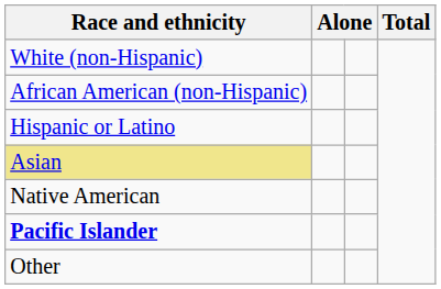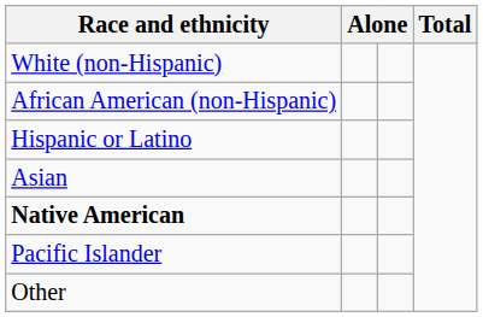 <table class="wikitable sortable collapsible"; text-align:right; font-size:80%;">
 <tr>
 <th>Race and ethnicity</th>
 <th colspan="2" data-sort-type=number>Alone</th>
 <th colspan="2" data-sort-type=number>Total</th>
 </tr>
 <tr>
 <td><a href='#'>White (non-Hispanic)</a></td>
 <td align=right></td>
 <td align=right></td>
 </tr>
 <tr>
 <td><a href='#'>African American (non-Hispanic)</a></td>
 <td align=right></td>
 <td align=right></td>
 </tr>
 <tr>
 <td><a href='#'>Hispanic or Latino</a></td>
 <td align=right></td>
 <td align=right></td>
 </tr>
 <tr>
-<td style="background: khaki;"><a href='#'>Asian</a></td>
+<td><a href='#'>Asian</a></td>
 <td align=right></td>
 <td align=right></td>
 </tr>
 <tr>
-<td>Native American</td>
+<td><strong>Native American</strong></td>
 <td align=right></td>
 <td align=right></td>
 </tr>
 <tr>
-<td><strong><a href='#'>Pacific Islander</a></strong></td>
+<td><a href='#'>Pacific Islander</a></td>
 <td align=right></td>
 <td align=right></td>
 </tr>
 <tr>
 <td>Other</td>
 <td align=right></td>
 <td align=right></td>
 </tr>
 </table>
